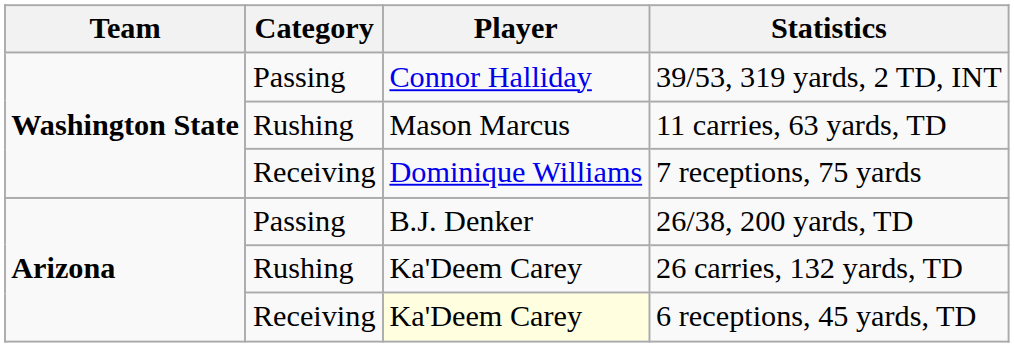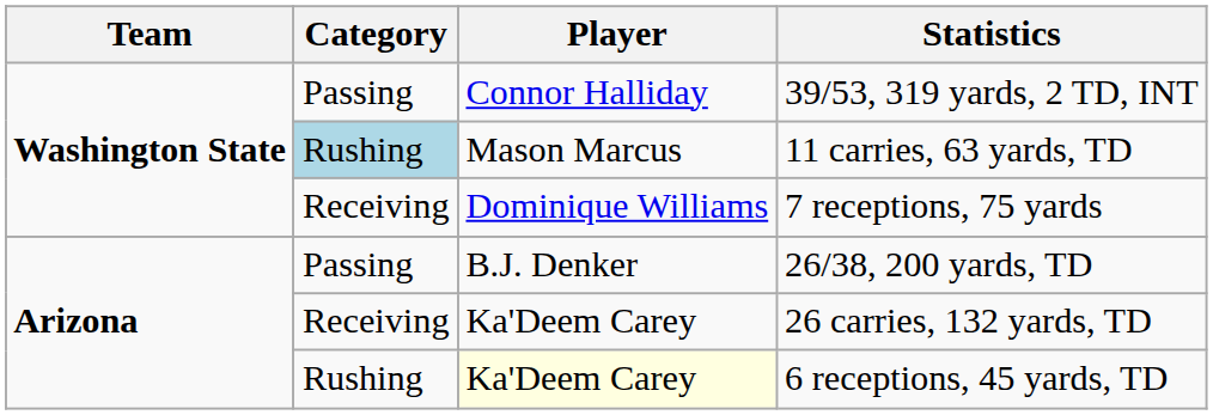 <table class="wikitable" style="float: right;">
 <tr>
 <th>Team</th>
 <th>Category</th>
 <th>Player</th>
 <th>Statistics</th>
 </tr>
 <tr>
 <td rowspan=3><strong>Washington State</strong></td>
 <td>Passing</td>
 <td><a href='#'>Connor Halliday</a></td>
 <td>39/53, 319 yards, 2 TD, INT</td>
 </tr>
 <tr>
-<td>Rushing</td>
+<td style="background: lightblue;">Rushing</td>
 <td>Mason Marcus</td>
 <td>11 carries, 63 yards, TD</td>
 </tr>
 <tr>
 <td>Receiving</td>
 <td><a href='#'>Dominique Williams</a></td>
 <td>7 receptions, 75 yards</td>
 </tr>
 <tr>
 <td rowspan=3><strong>Arizona</strong></td>
 <td>Passing</td>
 <td>B.J. Denker</td>
 <td>26/38, 200 yards, TD</td>
 </tr>
 <tr>
-<td>Rushing</td>
+<td>Receiving</td>
 <td>Ka'Deem Carey</td>
 <td>26 carries, 132 yards, TD</td>
 </tr>
 <tr>
-<td>Receiving</td>
+<td>Rushing</td>
 <td style="background: lightyellow;">Ka'Deem Carey</td>
 <td>6 receptions, 45 yards, TD</td>
 </tr>
 </table>
